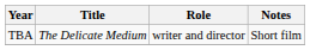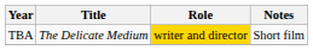 <table class="wikitable sortable">
 <tr>
 <th>Year</th>
 <th>Title</th>
 <th>Role</th>
 <th>Notes</th>
 </tr>
 <tr>
 <td>TBA</td>
 <td><em>The Delicate Medium</em></td>
-<td>writer and director</td>
+<td style="background: gold;">writer and director</td>
 <td>Short film</td>
 </tr>
 <tr>
 </tr>
 </table>
